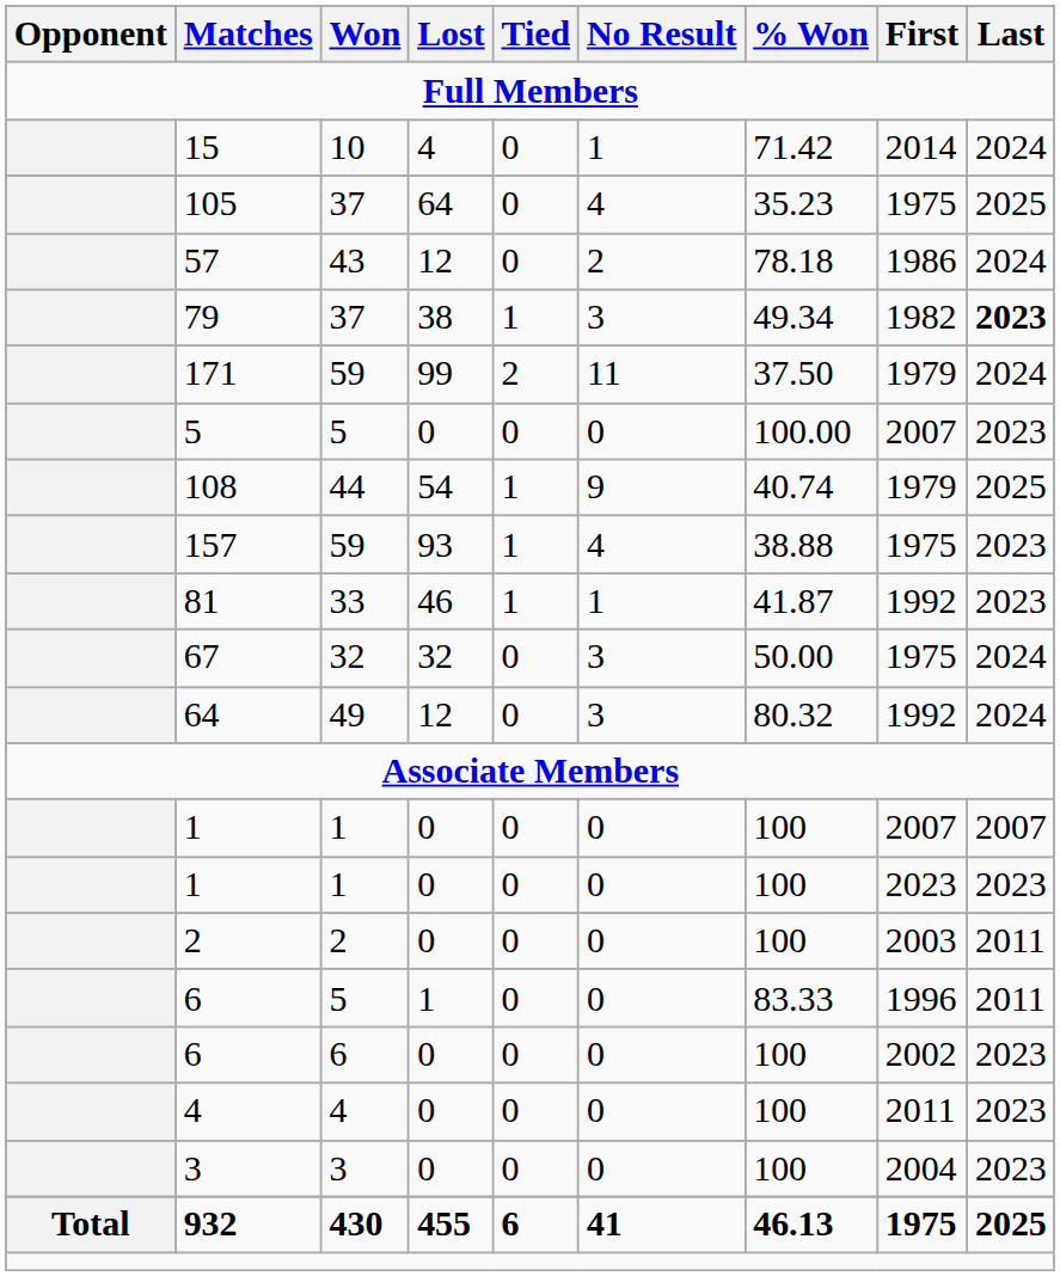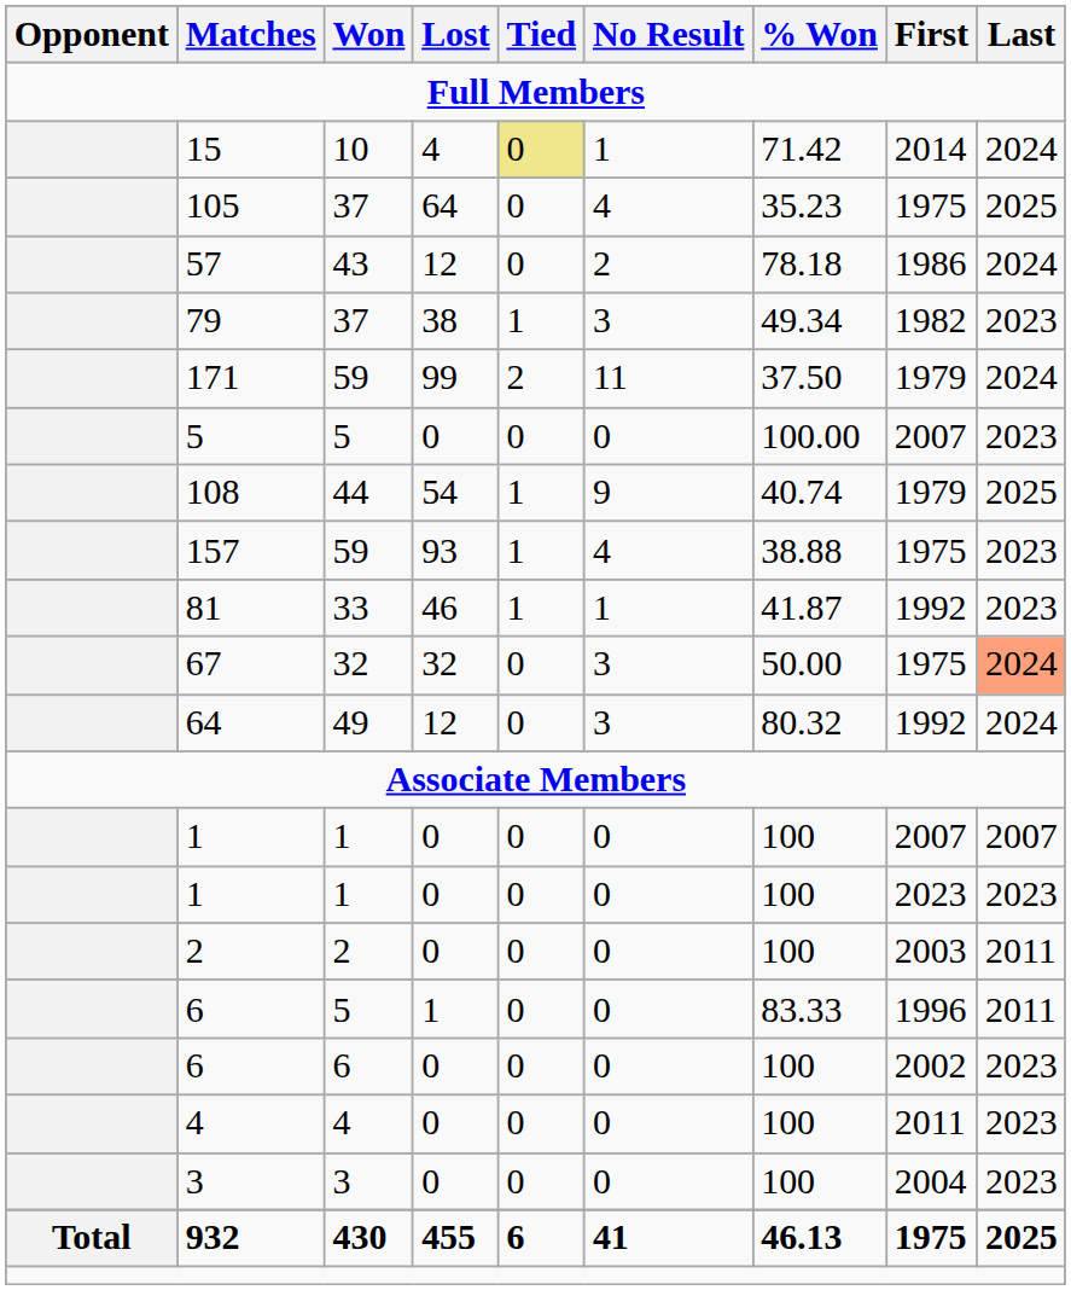 <table class="wikitable plainrowheaders sortable">
 <tr>
 <th scope="col">Opponent</th>
 <th scope="col"><a href='#'>Matches</a></th>
 <th scope="col"><a href='#'>Won</a></th>
 <th scope="col"><a href='#'>Lost</a></th>
 <th scope="col"><a href='#'>Tied</a></th>
 <th scope="col"><a href='#'>No Result</a></th>
 <th scope="col"><a href='#'>% Won</a></th>
 <th scope="col">First</th>
 <th scope="col">Last</th>
 </tr>
 <tr>
 <td style="text-align: center;" colspan="9"><strong><a href='#'>Full Members</a></strong></td>
 </tr>
 <tr>
 <th scope=row></th>
 <td>15</td>
 <td>10</td>
 <td>4</td>
-<td>0</td>
+<td style="background: khaki;">0</td>
 <td>1</td>
 <td>71.42</td>
 <td>2014</td>
 <td>2024</td>
 </tr>
 <tr>
 <th scope=row></th>
 <td>105</td>
 <td>37</td>
 <td>64</td>
 <td>0</td>
 <td>4</td>
 <td>35.23</td>
 <td>1975</td>
 <td>2025</td>
 </tr>
 <tr>
 <th scope=row></th>
 <td>57</td>
 <td>43</td>
 <td>12</td>
 <td>0</td>
 <td>2</td>
 <td>78.18</td>
 <td>1986</td>
 <td>2024</td>
 </tr>
 <tr>
 <th scope=row></th>
 <td>79</td>
 <td>37</td>
 <td>38</td>
 <td>1</td>
 <td>3</td>
 <td>49.34</td>
 <td>1982</td>
-<td><strong>2023</strong></td>
+<td>2023</td>
 </tr>
 <tr>
 <th scope=row></th>
 <td>171</td>
 <td>59</td>
 <td>99</td>
 <td>2</td>
 <td>11</td>
 <td>37.50</td>
 <td>1979</td>
 <td>2024</td>
 </tr>
 <tr>
 <th scope=row></th>
 <td>5</td>
 <td>5</td>
 <td>0</td>
 <td>0</td>
 <td>0</td>
 <td>100.00</td>
 <td>2007</td>
 <td>2023</td>
 </tr>
 <tr>
 <th scope=row></th>
 <td>108</td>
 <td>44</td>
 <td>54</td>
 <td>1</td>
 <td>9</td>
 <td>40.74</td>
 <td>1979</td>
 <td>2025</td>
 </tr>
 <tr>
 <th scope=row></th>
 <td>157</td>
 <td>59</td>
 <td>93</td>
 <td>1</td>
 <td>4</td>
 <td>38.88</td>
 <td>1975</td>
 <td>2023</td>
 </tr>
 <tr>
 <th scope=row></th>
 <td>81</td>
 <td>33</td>
 <td>46</td>
 <td>1</td>
 <td>1</td>
 <td>41.87</td>
 <td>1992</td>
 <td>2023</td>
 </tr>
 <tr>
 <th scope=row></th>
 <td>67</td>
 <td>32</td>
 <td>32</td>
 <td>0</td>
 <td>3</td>
 <td>50.00</td>
 <td>1975</td>
-<td>2024</td>
+<td style="background: lightsalmon;">2024</td>
 </tr>
 <tr>
 <th scope=row></th>
 <td>64</td>
 <td>49</td>
 <td>12</td>
 <td>0</td>
 <td>3</td>
 <td>80.32</td>
 <td>1992</td>
 <td>2024</td>
 </tr>
 <tr>
 <td colspan="10" style="text-align: center;"><strong><a href='#'>Associate Members</a></strong></td>
 </tr>
 <tr>
 <th scope=row></th>
 <td>1</td>
 <td>1</td>
 <td>0</td>
 <td>0</td>
 <td>0</td>
 <td>100</td>
 <td>2007</td>
 <td>2007</td>
 </tr>
 <tr>
 <th scope=row></th>
 <td>1</td>
 <td>1</td>
 <td>0</td>
 <td>0</td>
 <td>0</td>
 <td>100</td>
 <td>2023</td>
 <td>2023</td>
 </tr>
 <tr>
 <th scope=row></th>
 <td>2</td>
 <td>2</td>
 <td>0</td>
 <td>0</td>
 <td>0</td>
 <td>100</td>
 <td>2003</td>
 <td>2011</td>
 </tr>
 <tr>
 <th scope=row></th>
 <td>6</td>
 <td>5</td>
 <td>1</td>
 <td>0</td>
 <td>0</td>
 <td>83.33</td>
 <td>1996</td>
 <td>2011</td>
 </tr>
 <tr>
 <th scope=row></th>
 <td>6</td>
 <td>6</td>
 <td>0</td>
 <td>0</td>
 <td>0</td>
 <td>100</td>
 <td>2002</td>
 <td>2023</td>
 </tr>
 <tr>
 <th scope=row></th>
 <td>4</td>
 <td>4</td>
 <td>0</td>
 <td>0</td>
 <td>0</td>
 <td>100</td>
 <td>2011</td>
 <td>2023</td>
 </tr>
 <tr>
 <th scope=row></th>
 <td>3</td>
 <td>3</td>
 <td>0</td>
 <td>0</td>
 <td>0</td>
 <td>100</td>
 <td>2004</td>
 <td>2023</td>
 </tr>
 <tr>
 </tr>
 <tr class="sortbottom">
 <th scope="row" style="text-align:center"><strong>Total</strong></th>
 <td><strong>932</strong></td>
 <td><strong>430</strong></td>
 <td><strong>455</strong></td>
 <td><strong>6</strong></td>
 <td><strong>41</strong></td>
 <td><strong>46.13</strong></td>
 <td><strong>1975</strong></td>
 <td><strong>2025</strong></td>
 </tr>
 <tr>
 <td colspan=10></td>
 </tr>
 </table>
